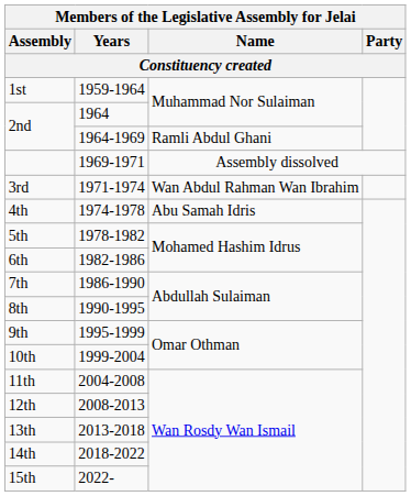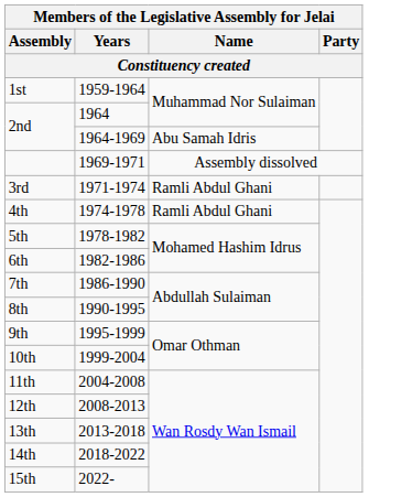 <table class="wikitable">
 <tr>
 <th colspan="4">Members of the Legislative Assembly for Jelai</th>
 </tr>
 <tr>
 <th>Assembly</th>
 <th>Years</th>
 <th>Name</th>
 <th>Party</th>
 </tr>
 <tr>
 <th colspan="4"><em>Constituency created</em></th>
 </tr>
 <tr>
 <td>1st</td>
 <td>1959-1964</td>
 <td rowspan="2">Muhammad Nor Sulaiman</td>
 <td rowspan="3"></td>
 </tr>
 <tr>
 <td rowspan="2">2nd</td>
 <td>1964</td>
 </tr>
 <tr>
 <td>1964-1969</td>
-<td>Ramli Abdul Ghani</td>
+<td>Abu Samah Idris</td>
 </tr>
 <tr>
 <td></td>
 <td>1969-1971</td>
 <td colspan=2 align=center>Assembly dissolved</td>
 </tr>
 <tr>
 <td>3rd</td>
 <td>1971-1974</td>
-<td>Wan Abdul Rahman Wan Ibrahim</td>
+<td>Ramli Abdul Ghani</td>
 <td></td>
 </tr>
 <tr>
 <td>4th</td>
 <td>1974-1978</td>
-<td>Abu Samah Idris</td>
+<td>Ramli Abdul Ghani</td>
 <td rowspan="12"></td>
 </tr>
 <tr>
 <td>5th</td>
 <td>1978-1982</td>
 <td rowspan="2">Mohamed Hashim Idrus</td>
 </tr>
 <tr>
 <td>6th</td>
 <td>1982-1986</td>
 </tr>
 <tr>
 <td>7th</td>
 <td>1986-1990</td>
 <td rowspan="2">Abdullah Sulaiman</td>
 </tr>
 <tr>
 <td>8th</td>
 <td>1990-1995</td>
 </tr>
 <tr>
 <td>9th</td>
 <td>1995-1999</td>
 <td rowspan="2">Omar Othman</td>
 </tr>
 <tr>
 <td>10th</td>
 <td>1999-2004</td>
 </tr>
 <tr>
 <td>11th</td>
 <td>2004-2008</td>
 <td rowspan="5"><a href='#'>Wan Rosdy Wan Ismail</a></td>
 </tr>
 <tr>
 <td>12th</td>
 <td>2008-2013</td>
 </tr>
 <tr>
 <td>13th</td>
 <td>2013-2018</td>
 </tr>
 <tr>
 <td>14th</td>
 <td>2018-2022</td>
 </tr>
 <tr>
 <td>15th</td>
 <td>2022-</td>
 </tr>
 </table>
